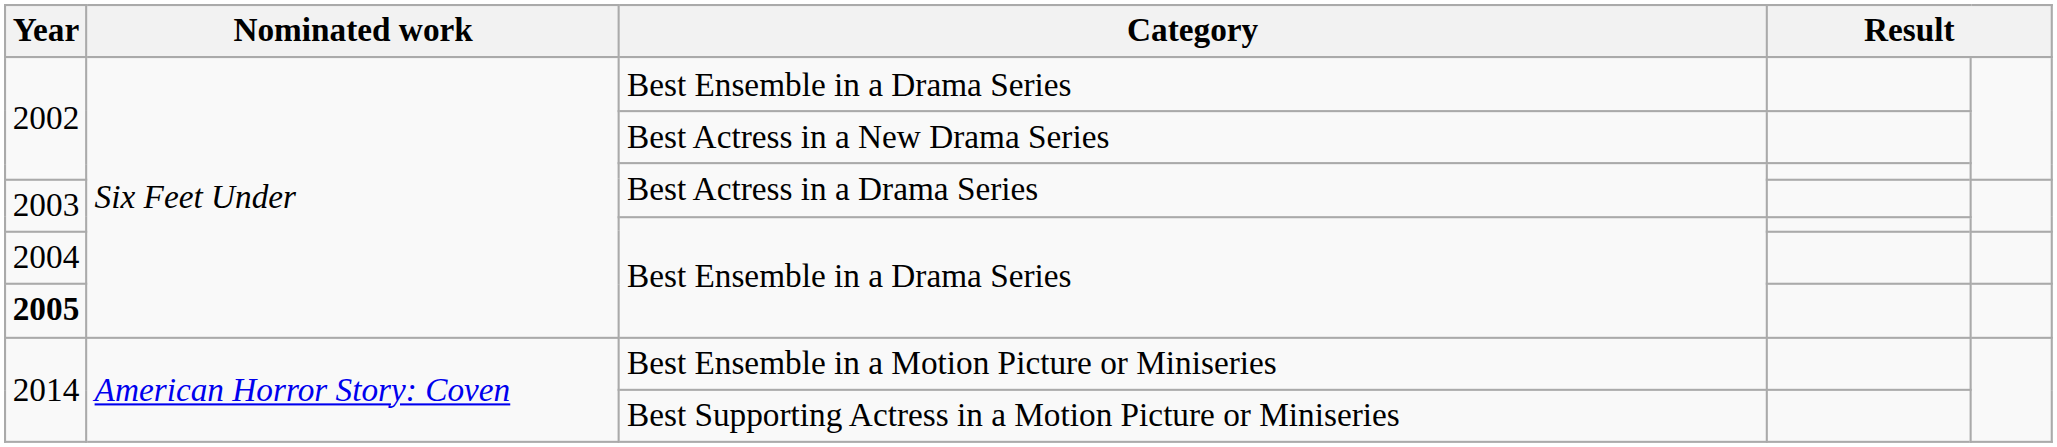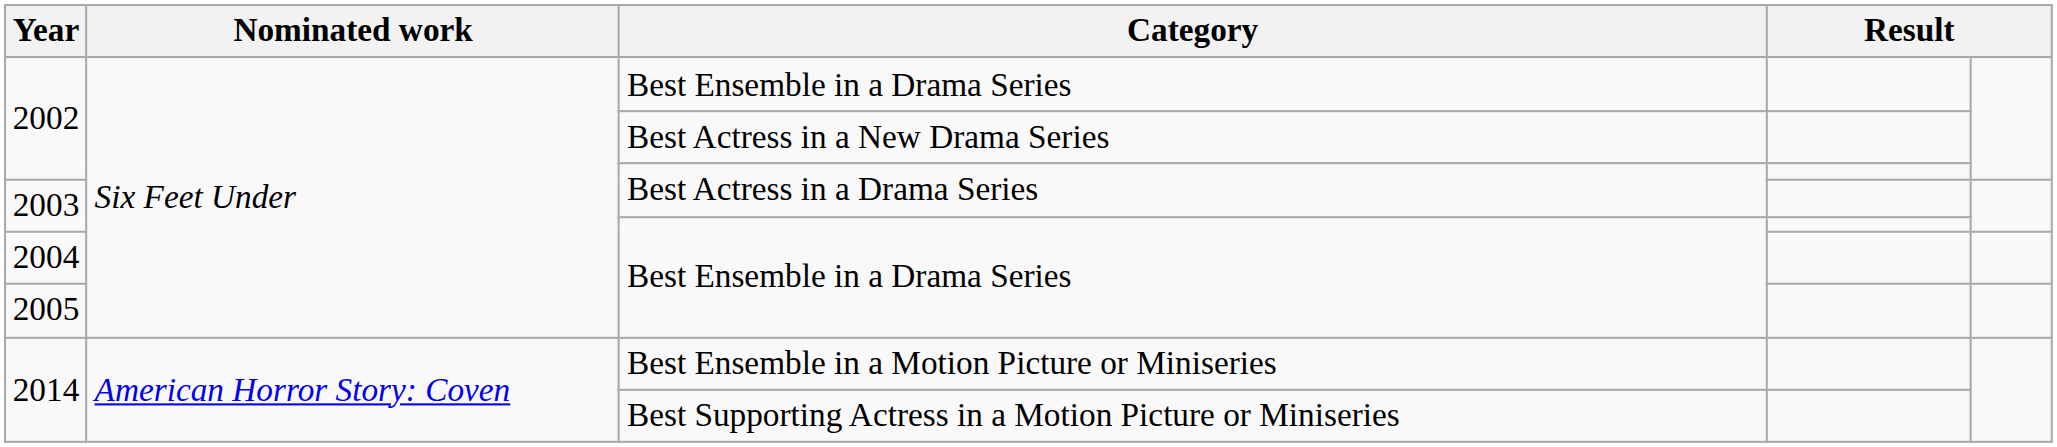 <table class=wikitable>
 <tr>
 <th width=4%>Year</th>
 <th width=26%>Nominated work</th>
 <th width=56%>Category</th>
 <th width=14% colspan=2>Result</th>
 </tr>
 <tr>
 <td rowspan=3>2002</td>
 <td rowspan=7><em>Six Feet Under</em></td>
 <td>Best Ensemble in a Drama Series</td>
 <td></td>
 <td rowspan=3 width=4% align=center></td>
 </tr>
 <tr>
 <td>Best Actress in a New Drama Series</td>
 <td></td>
 </tr>
 <tr>
 <td rowspan=2>Best Actress in a Drama Series</td>
 <td></td>
 </tr>
 <tr>
 <td rowspan=2>2003</td>
 <td></td>
 <td rowspan=2 width=4% align=center></td>
 </tr>
 <tr>
 <td rowspan=3>Best Ensemble in a Drama Series</td>
 <td></td>
 </tr>
 <tr>
 <td>2004</td>
 <td></td>
 <td width=4% align=center></td>
 </tr>
 <tr>
-<td><strong>2005</strong></td>
+<td>2005</td>
 <td></td>
 <td width=4% align=center></td>
 </tr>
 <tr>
 <td rowspan=2>2014</td>
 <td rowspan=2><em><a href='#'>American Horror Story: Coven</a></em></td>
 <td>Best Ensemble in a Motion Picture or Miniseries</td>
 <td></td>
 <td rowspan=2 width=4% align=center></td>
 </tr>
 <tr>
 <td>Best Supporting Actress in a Motion Picture or Miniseries</td>
 <td></td>
 </tr>
 </table>
